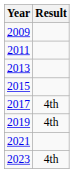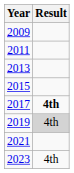 <table class="wikitable" style="text-align:center">
 <tr>
 <th>Year</th>
 <th>Result</th>
 </tr>
 <tr>
 <td><a href='#'>2009</a></td>
 <td></td>
 </tr>
 <tr>
 <td><a href='#'>2011</a></td>
 <td></td>
 </tr>
 <tr>
 <td><a href='#'>2013</a></td>
 <td></td>
 </tr>
 <tr>
 <td><a href='#'>2015</a></td>
 <td></td>
 </tr>
 <tr>
 <td><a href='#'>2017</a></td>
-<td>4th</td>
+<td><strong>4th</strong></td>
 </tr>
 <tr>
 <td><a href='#'>2019</a></td>
-<td>4th</td>
+<td style="background: lightgrey;">4th</td>
 </tr>
 <tr>
 <td><a href='#'>2021</a></td>
 <td></td>
 </tr>
 <tr>
 <td><a href='#'>2023</a></td>
 <td>4th</td>
 </tr>
 </table>
